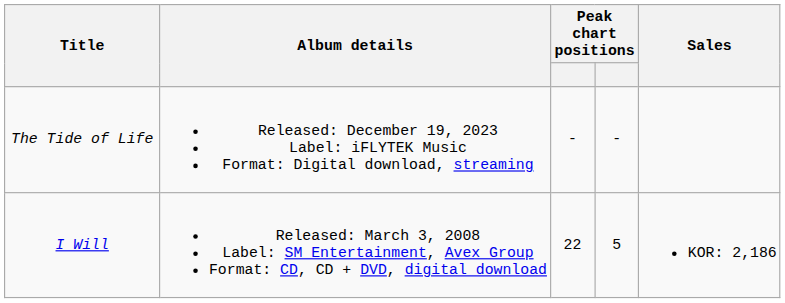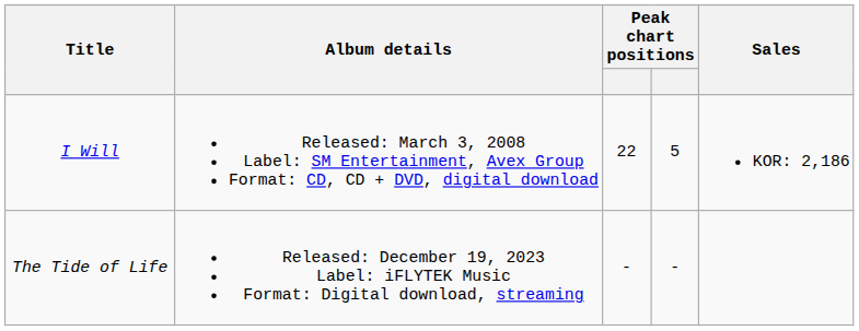 <table class="wikitable plainrowheaders" style="text-align:center;">
 <tr>
 <th scope="col" rowspan="2" style="width:10em;">Title</th>
 <th scope="col" rowspan="2">Album details</th>
 <th colspan="2">Peak chart positions</th>
 <th scope="col" rowspan="2">Sales</th>
 </tr>
 <tr>
 <th style="width:2.5em;"><br></th>
 <th style="width:2.5em;"><br></th>
 </tr>
 <tr>
+<td scope="row"><em><a href='#'>I Will</a></em></td>
+<td><br><ul><li>Released: March 3, 2008</li><li>Label: <a href='#'>SM Entertainment</a>, <a href='#'>Avex Group</a></li><li>Format: <a href='#'>CD</a>, CD + <a href='#'>DVD</a>, <a href='#'>digital download</a></li></ul></td>
+<td>22</td>
+<td>5</td>
+<td><br><ul><li>KOR: 2,186</li></ul></td>
+</tr>
+<tr>
 <td><em>The Tide of Life</em></td>
 <td><br><ul><li>Released: December 19, 2023</li><li>Label: iFLYTEK Music</li><li>Format: Digital download, <a href='#'>streaming</a></li></ul></td>
 <td>-</td>
 <td>-</td>
 <td></td>
 </tr>
-<tr>
-<td scope="row"><em><a href='#'>I Will</a></em></td>
-<td><br><ul><li>Released: March 3, 2008</li><li>Label: <a href='#'>SM Entertainment</a>, <a href='#'>Avex Group</a></li><li>Format: <a href='#'>CD</a>, CD + <a href='#'>DVD</a>, <a href='#'>digital download</a></li></ul></td>
-<td>22</td>
-<td>5</td>
-<td><br><ul><li>KOR: 2,186</li></ul></td>
-</tr>
 </table>
